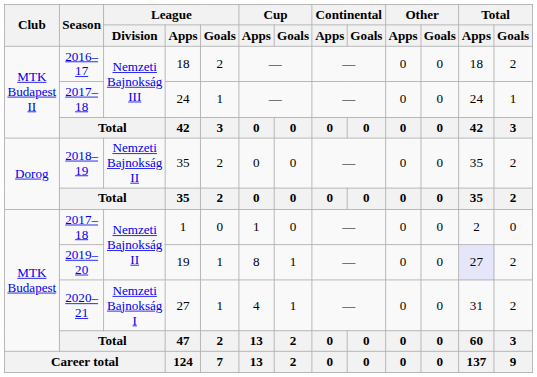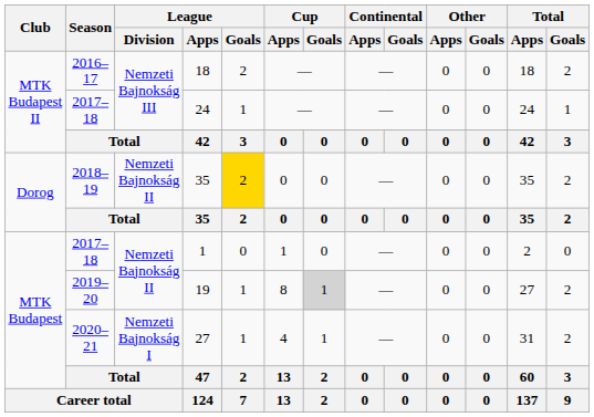 <table class="wikitable" style="text-align:center">
 <tr>
 <th rowspan="2">Club</th>
 <th rowspan="2">Season</th>
 <th colspan="3">League</th>
 <th colspan="2">Cup</th>
 <th colspan="2">Continental</th>
 <th colspan="2">Other</th>
 <th colspan="2">Total</th>
 </tr>
 <tr>
 <th>Division</th>
 <th>Apps</th>
 <th>Goals</th>
 <th>Apps</th>
 <th>Goals</th>
 <th>Apps</th>
 <th>Goals</th>
 <th>Apps</th>
 <th>Goals</th>
 <th>Apps</th>
 <th>Goals</th>
 </tr>
 <tr>
 <td rowspan="3"><a href='#'>MTK Budapest II</a></td>
 <td><a href='#'>2016–17</a></td>
 <td rowspan="2"><a href='#'>Nemzeti Bajnokság III</a></td>
 <td>18</td>
 <td>2</td>
 <td colspan="2">—</td>
 <td colspan="2">—</td>
 <td>0</td>
 <td>0</td>
 <td>18</td>
 <td>2</td>
 </tr>
 <tr>
 <td><a href='#'>2017–18</a></td>
 <td>24</td>
 <td>1</td>
 <td colspan="2">—</td>
 <td colspan="2">—</td>
 <td>0</td>
 <td>0</td>
 <td>24</td>
 <td>1</td>
 </tr>
 <tr>
 <th colspan="2">Total</th>
 <th>42</th>
 <th>3</th>
 <th>0</th>
 <th>0</th>
 <th>0</th>
 <th>0</th>
 <th>0</th>
 <th>0</th>
 <th>42</th>
 <th>3</th>
 </tr>
 <tr>
 <td rowspan="2"><a href='#'>Dorog</a></td>
 <td><a href='#'>2018–19</a></td>
 <td rowspan="1"><a href='#'>Nemzeti Bajnokság II</a></td>
 <td>35</td>
-<td>2</td>
+<td style="background: gold;">2</td>
 <td>0</td>
 <td>0</td>
 <td colspan="2">—</td>
 <td>0</td>
 <td>0</td>
 <td>35</td>
 <td>2</td>
 </tr>
 <tr>
 <th colspan="2">Total</th>
 <th>35</th>
 <th>2</th>
 <th>0</th>
 <th>0</th>
 <th>0</th>
 <th>0</th>
 <th>0</th>
 <th>0</th>
 <th>35</th>
 <th>2</th>
 </tr>
 <tr>
 <td rowspan="4"><a href='#'>MTK Budapest</a></td>
 <td><a href='#'>2017–18</a></td>
 <td rowspan="2"><a href='#'>Nemzeti Bajnokság II</a></td>
 <td>1</td>
 <td>0</td>
 <td>1</td>
 <td>0</td>
 <td colspan="2">—</td>
 <td>0</td>
 <td>0</td>
 <td>2</td>
 <td>0</td>
 </tr>
 <tr>
 <td><a href='#'>2019–20</a></td>
 <td>19</td>
 <td>1</td>
 <td>8</td>
-<td>1</td>
+<td style="background: lightgrey;">1</td>
 <td colspan="2">—</td>
 <td>0</td>
 <td>0</td>
-<td style="background: lavender;">27</td>
+<td>27</td>
 <td>2</td>
 </tr>
 <tr>
 <td><a href='#'>2020–21</a></td>
 <td rowspan="1"><a href='#'>Nemzeti Bajnokság I</a></td>
 <td>27</td>
 <td>1</td>
 <td>4</td>
 <td>1</td>
 <td colspan="2">—</td>
 <td>0</td>
 <td>0</td>
 <td>31</td>
 <td>2</td>
 </tr>
 <tr>
 <th colspan="2">Total</th>
 <th>47</th>
 <th>2</th>
 <th>13</th>
 <th>2</th>
 <th>0</th>
 <th>0</th>
 <th>0</th>
 <th>0</th>
 <th>60</th>
 <th>3</th>
 </tr>
 <tr>
 <th colspan="3">Career total</th>
 <th>124</th>
 <th>7</th>
 <th>13</th>
 <th>2</th>
 <th>0</th>
 <th>0</th>
 <th>0</th>
 <th>0</th>
 <th>137</th>
 <th>9</th>
 </tr>
 </table>
